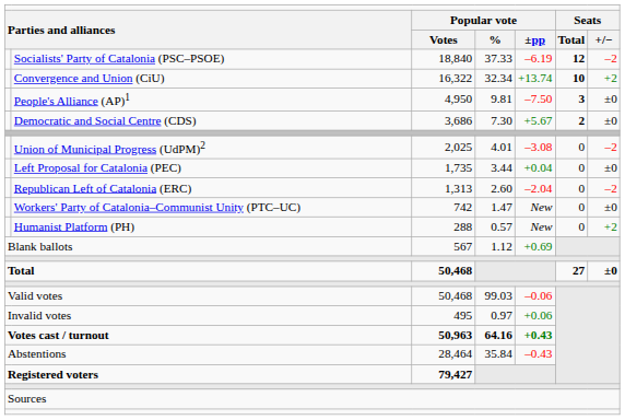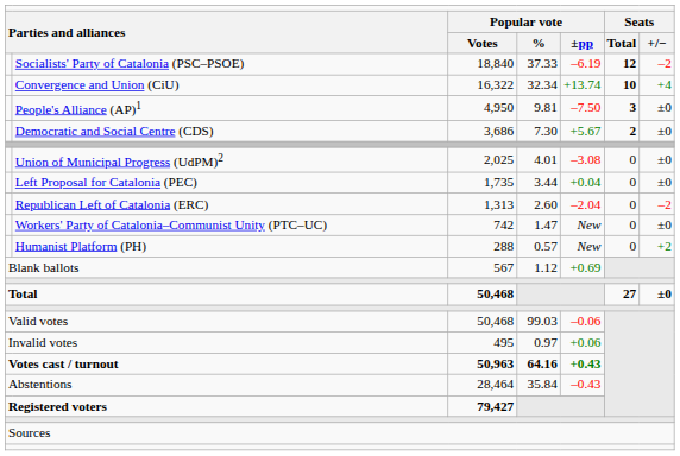 <table class="wikitable" style="text-align:right;">
 <tr>
 <td colspan="7"></td>
 </tr>
 <tr>
 <th style="text-align:left;" rowspan="2" colspan="2" width="525">Parties and alliances</th>
 <th colspan="3">Popular vote</th>
 <th colspan="2">Seats</th>
 </tr>
 <tr>
 <th width="75">Votes</th>
 <th width="45">%</th>
 <th width="45">±<a href='#'>pp</a></th>
 <th width="35">Total</th>
 <th width="35">+/−</th>
 </tr>
 <tr>
 <td width="1" style="color:inherit;background:"></td>
 <td align="left"><a href='#'>Socialists' Party of Catalonia</a> (PSC–PSOE)</td>
 <td>18,840</td>
 <td>37.33</td>
 <td style="color:red;">–6.19</td>
 <td><strong>12</strong></td>
 <td style="color:red;">–2</td>
 </tr>
 <tr>
 <td style="color:inherit;background:"></td>
 <td align="left"><a href='#'>Convergence and Union</a> (CiU)</td>
 <td>16,322</td>
 <td>32.34</td>
 <td style="color:green;">+13.74</td>
 <td><strong>10</strong></td>
-<td style="color:green;">+2</td>
+<td style="color:green;">+4</td>
 </tr>
 <tr>
 <td style="color:inherit;background:"></td>
 <td align="left"><a href='#'>People's Alliance</a> (AP)<sup>1</sup></td>
 <td>4,950</td>
 <td>9.81</td>
 <td style="color:red;">–7.50</td>
 <td><strong>3</strong></td>
 <td>±0</td>
 </tr>
 <tr>
 <td style="color:inherit;background:"></td>
 <td align="left"><a href='#'>Democratic and Social Centre</a> (CDS)</td>
 <td>3,686</td>
 <td>7.30</td>
 <td style="color:green;">+5.67</td>
 <td><strong>2</strong></td>
 <td>±0</td>
 </tr>
 <tr>
 <td colspan="7" style="color:inherit;background:#C0C0C0"></td>
 </tr>
 <tr>
 <td style="color:inherit;background:"></td>
 <td align="left"><a href='#'>Union of Municipal Progress</a> (UdPM)<sup>2</sup></td>
 <td>2,025</td>
 <td>4.01</td>
 <td style="color:red;">–3.08</td>
 <td>0</td>
-<td style="color:red;">–2</td>
+<td>±0</td>
 </tr>
 <tr>
 <td style="color:inherit;background:"></td>
 <td align="left"><a href='#'>Left Proposal for Catalonia</a> (PEC)</td>
 <td>1,735</td>
 <td>3.44</td>
 <td style="color:green;">+0.04</td>
 <td>0</td>
 <td>±0</td>
 </tr>
 <tr>
 <td style="color:inherit;background:"></td>
 <td align="left"><a href='#'>Republican Left of Catalonia</a> (ERC)</td>
 <td>1,313</td>
 <td>2.60</td>
 <td style="color:red;">–2.04</td>
 <td>0</td>
 <td style="color:red;">–2</td>
 </tr>
 <tr>
 <td style="color:inherit;background:"></td>
 <td align="left"><a href='#'>Workers' Party of Catalonia–Communist Unity</a> (PTC–UC)</td>
 <td>742</td>
 <td>1.47</td>
 <td><em>New</em></td>
 <td>0</td>
 <td>±0</td>
 </tr>
 <tr>
 <td style="color:inherit;background:"></td>
 <td align="left"><a href='#'>Humanist Platform</a> (PH)</td>
 <td>288</td>
 <td>0.57</td>
 <td><em>New</em></td>
 <td>0</td>
 <td style="color:green;">+2</td>
 </tr>
 <tr>
 <td align="left" colspan="2">Blank ballots</td>
 <td>567</td>
 <td>1.12</td>
 <td style="color:green;">+0.69</td>
 <td style="color:inherit;background:#E9E9E9" colspan="2"></td>
 </tr>
 <tr>
 <td colspan="7" style="color:inherit;background:#E9E9E9"></td>
 </tr>
 <tr style="font-weight:bold;">
 <td align="left" colspan="2">Total</td>
 <td>50,468</td>
 <td bgcolor="#E9E9E9" colspan="2"></td>
 <td>27</td>
 <td>±0</td>
 </tr>
 <tr>
 <td colspan="7" style="color:inherit;background:#E9E9E9"></td>
 </tr>
 <tr>
 <td align="left" colspan="2">Valid votes</td>
 <td>50,468</td>
 <td>99.03</td>
 <td style="color:red;">–0.06</td>
 <td bgcolor="#E9E9E9" colspan="2" rowspan="5"></td>
 </tr>
 <tr>
 <td align="left" colspan="2">Invalid votes</td>
 <td>495</td>
 <td>0.97</td>
 <td style="color:green;">+0.06</td>
 </tr>
 <tr style="font-weight:bold;">
 <td align="left" colspan="2">Votes cast / turnout</td>
 <td>50,963</td>
 <td>64.16</td>
 <td style="color:green;">+0.43</td>
 </tr>
 <tr>
 <td align="left" colspan="2">Abstentions</td>
 <td>28,464</td>
 <td>35.84</td>
 <td style="color:red;">–0.43</td>
 </tr>
 <tr style="font-weight:bold;">
 <td align="left" colspan="2">Registered voters</td>
 <td>79,427</td>
 <td bgcolor="#E9E9E9" colspan="2"></td>
 </tr>
 <tr>
 <td colspan="7" style="color:inherit;background:#E9E9E9"></td>
 </tr>
 <tr>
 <td align="left" colspan="7">Sources</td>
 </tr>
 <tr>
 <td colspan="7" style="text-align:left; max-width:790px;"></td>
 </tr>
 </table>
